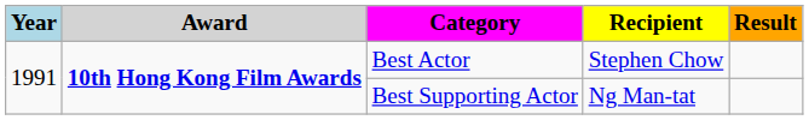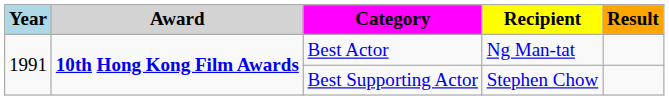 <table class="wikitable">
 <tr>
 <th Colspan="1" style="background: lightblue;">Year</th>
 <th Colspan="1" style="background: lightgray;">Award</th>
 <th Colspan="1" style="background: magenta;">Category</th>
 <th Colspan="1" style="background: yellow;">Recipient</th>
 <th Colspan="1" style="background: orange;">Result</th>
 </tr>
 <tr>
 <td rowspan="2">1991</td>
 <td rowspan="2"><strong><a href='#'>10th</a> <a href='#'>Hong Kong Film Awards</a></strong></td>
 <td><a href='#'>Best Actor</a></td>
-<td><a href='#'>Stephen Chow</a></td>
+<td><a href='#'>Ng Man-tat</a></td>
 <td></td>
 </tr>
 <tr>
 <td><a href='#'>Best Supporting Actor</a></td>
-<td><a href='#'>Ng Man-tat</a></td>
+<td><a href='#'>Stephen Chow</a></td>
 <td></td>
 </tr>
 </table>
